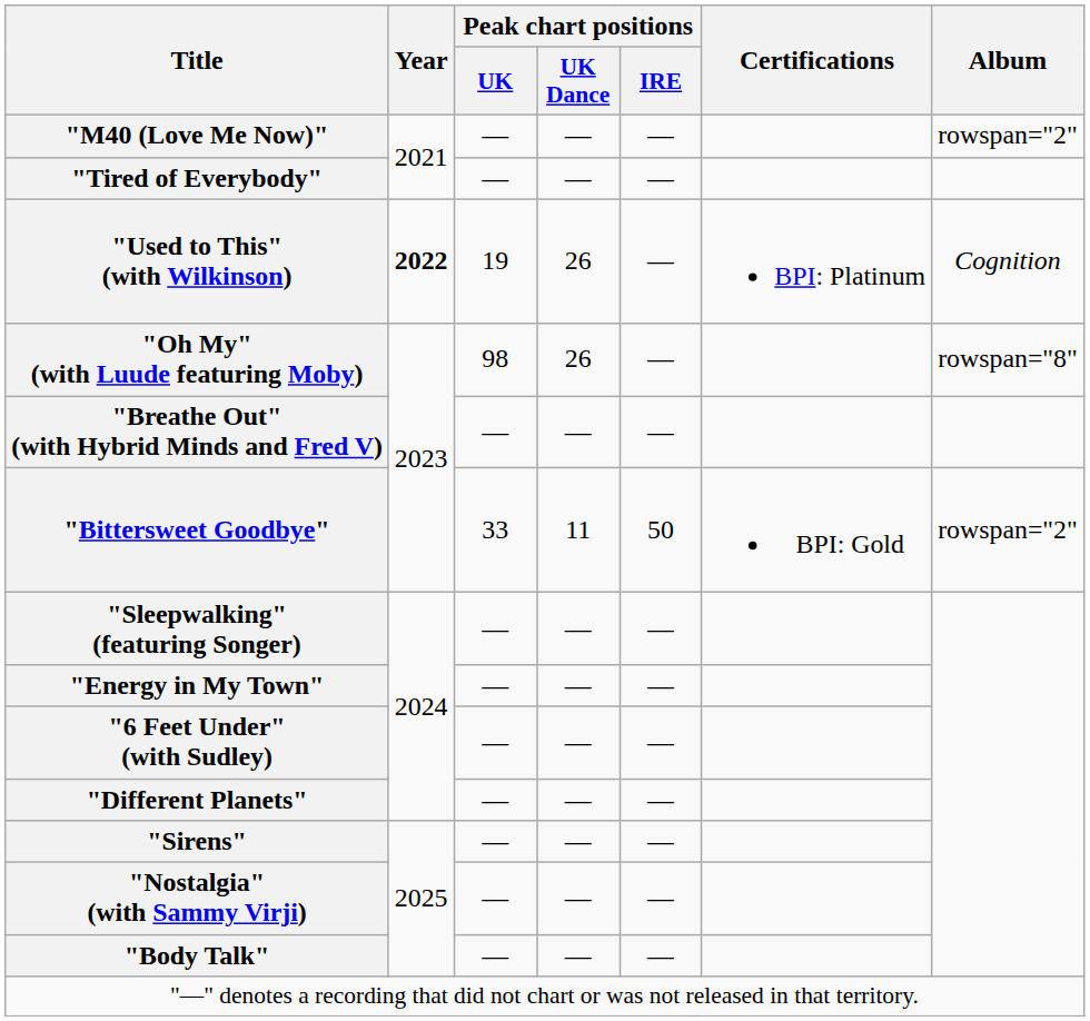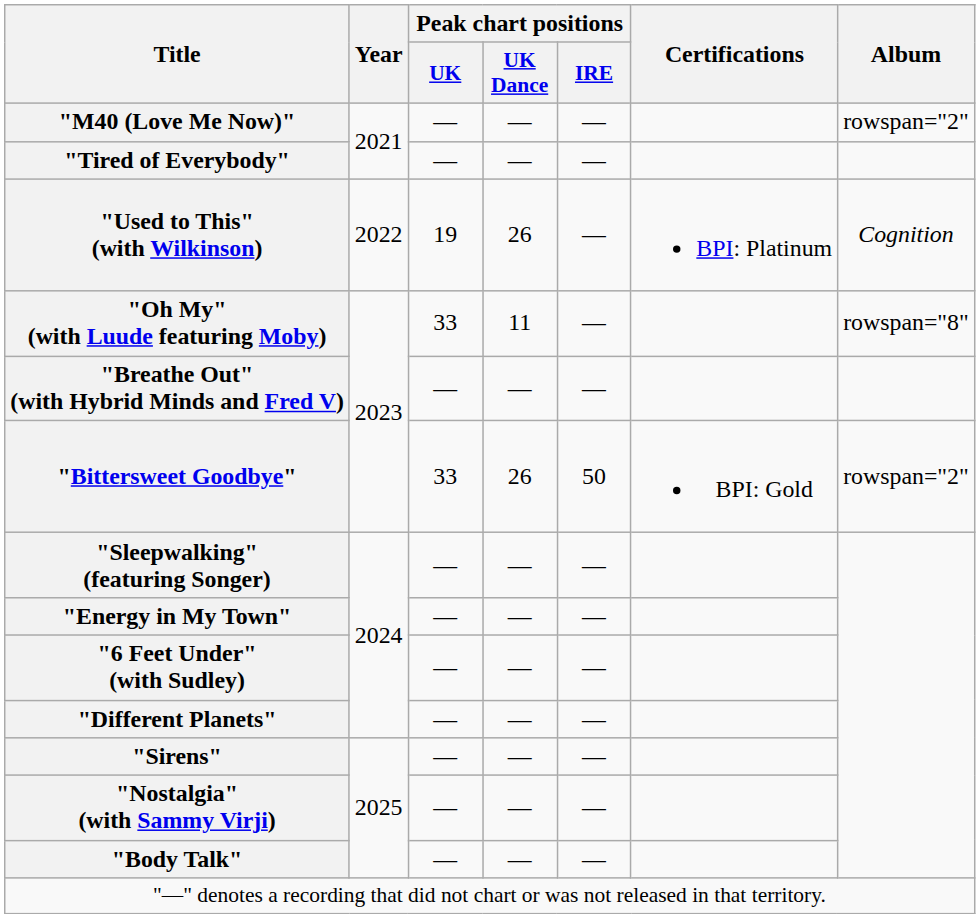 <table class="wikitable plainrowheaders" style="text-align:center;">
 <tr>
 <th scope="col" rowspan="2">Title</th>
 <th scope="col" rowspan="2">Year</th>
 <th scope="col" colspan="3">Peak chart positions</th>
 <th scope="col" rowspan="2">Certifications</th>
 <th scope="col" rowspan="2">Album</th>
 </tr>
 <tr>
 <th scope="col" style="width:3em;font-size:90%;"><a href='#'>UK</a><br></th>
 <th scope="col" style="width:3em;font-size:90%;"><a href='#'>UK<br>Dance</a><br></th>
 <th scope="col" style="width:3em;font-size:90%;"><a href='#'>IRE</a><br></th>
 </tr>
 <tr>
 <th scope="row">"M40 (Love Me Now)"</th>
 <td rowspan="2">2021</td>
 <td>—</td>
 <td>—</td>
 <td>—</td>
 <td></td>
 <td>rowspan="2" </td>
 </tr>
 <tr>
 <th scope="row">"Tired of Everybody"</th>
 <td>—</td>
 <td>—</td>
 <td>—</td>
 <td></td>
 </tr>
 <tr>
 <th scope="row">"Used to This"<br><span>(with <a href='#'>Wilkinson</a>)</span></th>
-<td><strong>2022</strong></td>
+<td>2022</td>
 <td>19</td>
 <td>26</td>
 <td>—</td>
 <td><br><ul><li><a href='#'>BPI</a>: Platinum</li></ul></td>
 <td><em>Cognition</em></td>
 </tr>
 <tr>
 <th scope="row">"Oh My"<br><span>(with <a href='#'>Luude</a> featuring <a href='#'>Moby</a>)</span></th>
 <td rowspan="3">2023</td>
-<td>98</td>
-<td>26</td>
+<td>33</td>
+<td>11</td>
 <td>—</td>
 <td></td>
 <td>rowspan="8" </td>
 </tr>
 <tr>
 <th scope="row">"Breathe Out"<br><span>(with Hybrid Minds and <a href='#'>Fred V</a>)</span></th>
 <td>—</td>
 <td>—</td>
 <td>—</td>
 <td></td>
 </tr>
 <tr>
 <th scope="row">"<a href='#'>Bittersweet Goodbye</a>"</th>
 <td>33</td>
-<td>11</td>
+<td>26</td>
 <td>50</td>
 <td><br><ul><li>BPI: Gold</li></ul></td>
 <td>rowspan="2" </td>
 </tr>
 <tr>
 <th scope="row">"Sleepwalking"<br><span>(featuring Songer)</span></th>
 <td rowspan="4">2024</td>
 <td>—</td>
 <td>—</td>
 <td>—</td>
 <td></td>
 </tr>
 <tr>
 <th scope="row">"Energy in My Town"</th>
 <td>—</td>
 <td>—</td>
 <td>—</td>
 <td></td>
 </tr>
 <tr>
 <th scope="row">"6 Feet Under"<br><span>(with Sudley)</span></th>
 <td>—</td>
 <td>—</td>
 <td>—</td>
 <td></td>
 </tr>
 <tr>
 <th scope="row">"Different Planets"</th>
 <td>—</td>
 <td>—</td>
 <td>—</td>
 <td></td>
 </tr>
 <tr>
 <th scope="row">"Sirens"</th>
 <td rowspan="3">2025</td>
 <td>—</td>
 <td>—</td>
 <td>—</td>
 <td></td>
 </tr>
 <tr>
 <th scope="row">"Nostalgia"<br><span>(with <a href='#'>Sammy Virji</a>)</span></th>
 <td>—</td>
 <td>—</td>
 <td>—</td>
 <td></td>
 </tr>
 <tr>
 <th scope="row">"Body Talk"</th>
 <td>—</td>
 <td>—</td>
 <td>—</td>
 <td></td>
 </tr>
 <tr>
 <td colspan="7" style="font-size:90%">"—" denotes a recording that did not chart or was not released in that territory.</td>
 </tr>
 </table>
